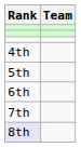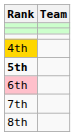 <table class="wikitable">
 <tr>
 <th>Rank</th>
 <th>Team</th>
 </tr>
 <tr bgcolor="#ccffcc">
 <td></td>
 <td></td>
 </tr>
 <tr bgcolor="#ccffcc">
 <td></td>
 <td></td>
 </tr>
 <tr>
 <td></td>
 <td></td>
 </tr>
 <tr>
-<td>4th</td>
+<td style="background: gold;">4th</td>
 <td></td>
 </tr>
 <tr>
-<td>5th</td>
+<td><strong>5th</strong></td>
 <td></td>
 </tr>
 <tr>
-<td>6th</td>
+<td style="background: pink;">6th</td>
 <td></td>
 </tr>
 <tr>
 <td>7th</td>
 <td></td>
 </tr>
 <tr>
-<td style="background: lavender;">8th</td>
+<td>8th</td>
 <td></td>
 </tr>
 </table>
